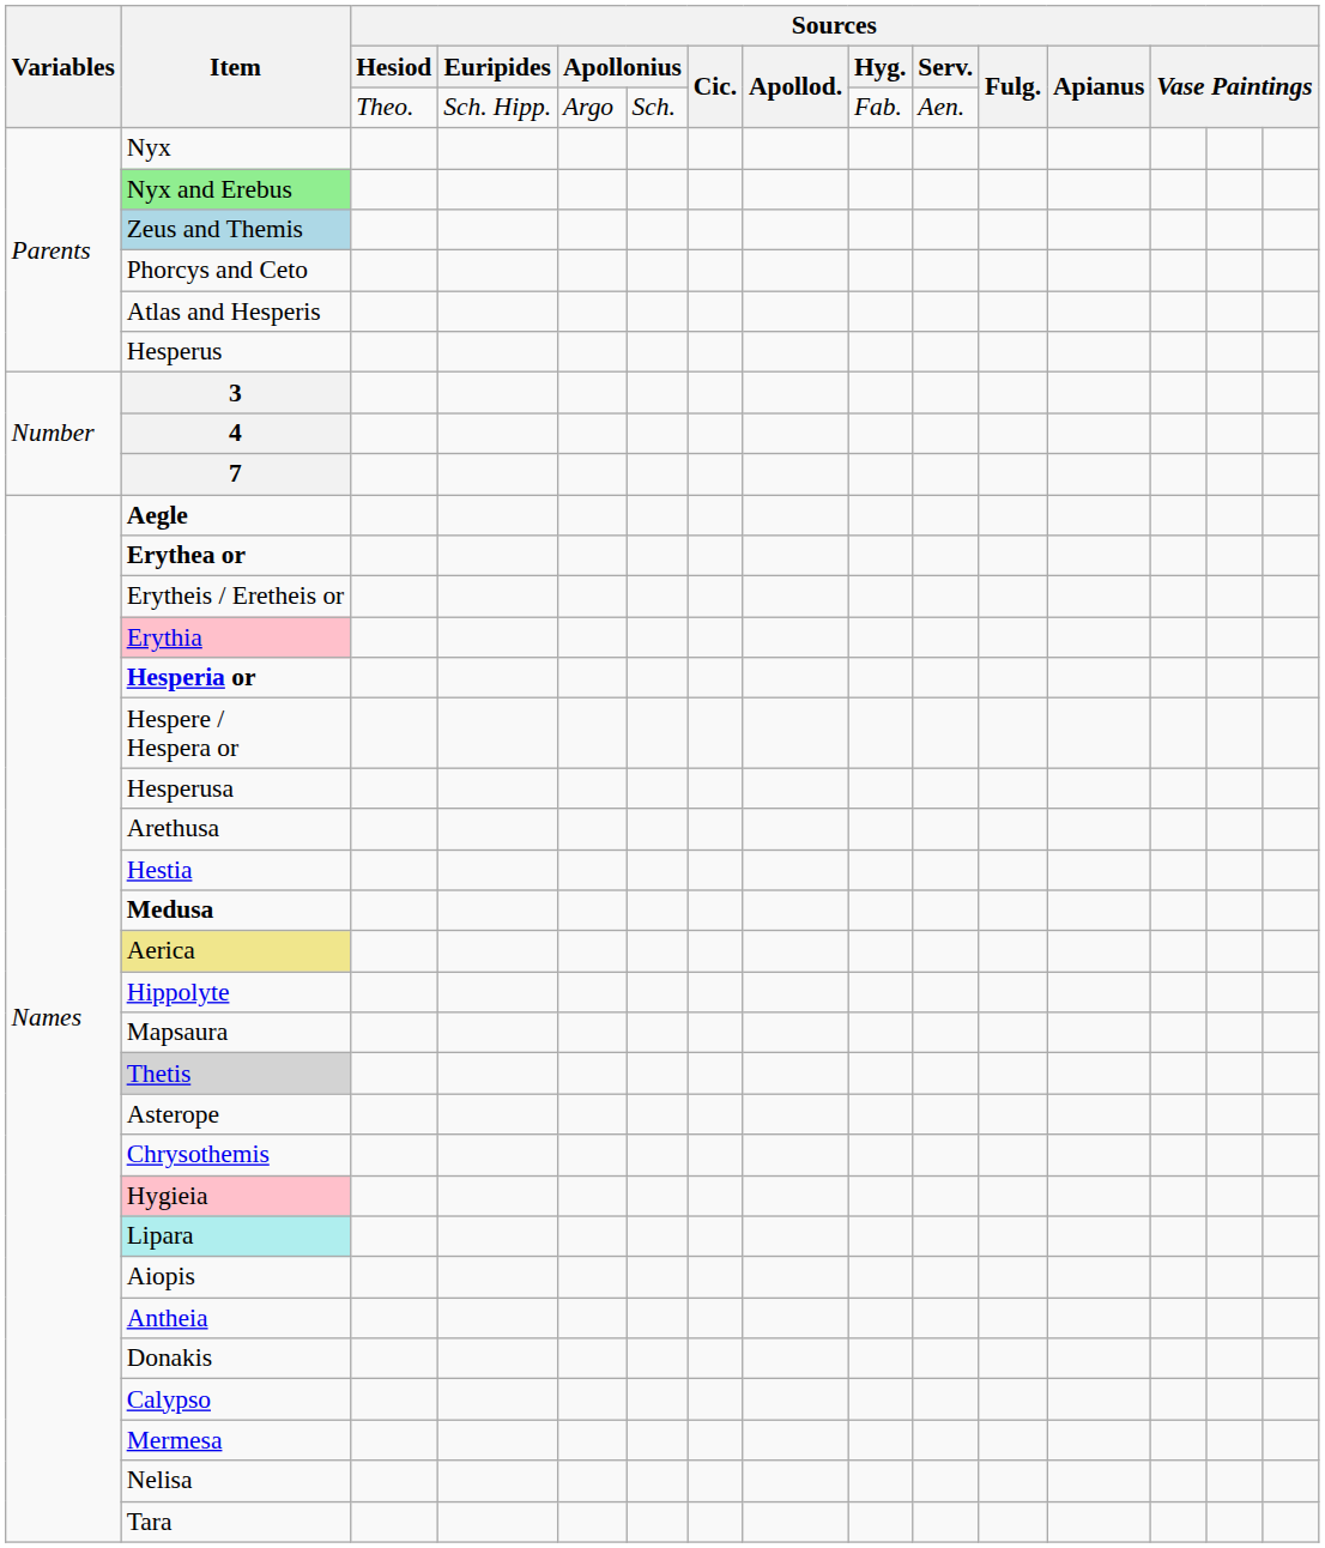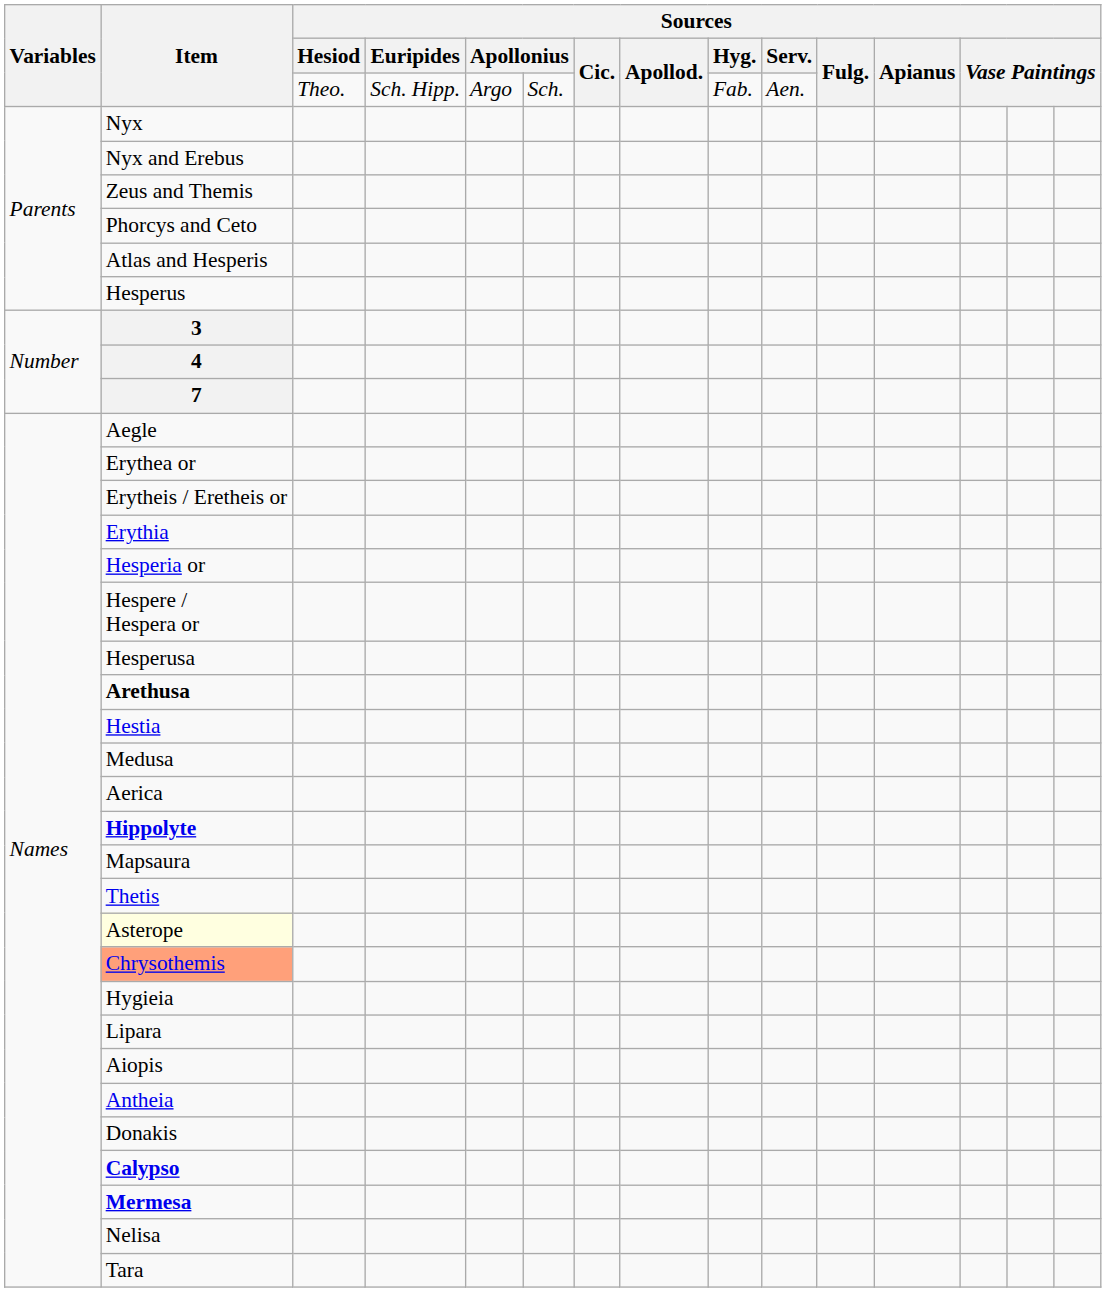 <table class="wikitable">
 <tr>
 <th rowspan="3">Variables</th>
 <th rowspan="3">Item</th>
 <th colspan="13">Sources</th>
 </tr>
 <tr>
 <th>Hesiod</th>
 <th>Euripides</th>
 <th colspan="2">Apollonius</th>
 <th rowspan="2">Cic.</th>
 <th rowspan="2">Apollod.</th>
 <th>Hyg.</th>
 <th>Serv.</th>
 <th rowspan="2">Fulg.</th>
 <th rowspan="2">Apianus</th>
 <th colspan="3" rowspan="2"><em>Vase Paintings</em></th>
 </tr>
 <tr>
 <td><em>Theo.</em></td>
 <td><em>Sch. Hipp.</em></td>
 <td><em>Argo</em></td>
 <td><em>Sch.</em></td>
 <td><em>Fab.</em></td>
 <td><em>Aen.</em></td>
 </tr>
 <tr>
 <td rowspan="6"><em>Parents</em></td>
 <td>Nyx</td>
 <td></td>
 <td></td>
 <td></td>
 <td></td>
 <td></td>
 <td></td>
 <td></td>
 <td></td>
 <td></td>
 <td></td>
 <td></td>
 <td></td>
 <td></td>
 </tr>
 <tr>
-<td style="background: lightgreen;">Nyx and Erebus</td>
+<td>Nyx and Erebus</td>
 <td></td>
 <td></td>
 <td></td>
 <td></td>
 <td></td>
 <td></td>
 <td></td>
 <td></td>
 <td></td>
 <td></td>
 <td></td>
 <td></td>
 <td></td>
 </tr>
 <tr>
-<td style="background: lightblue;">Zeus and Themis</td>
+<td>Zeus and Themis</td>
 <td></td>
 <td></td>
 <td></td>
 <td></td>
 <td></td>
 <td></td>
 <td></td>
 <td></td>
 <td></td>
 <td></td>
 <td></td>
 <td></td>
 <td></td>
 </tr>
 <tr>
 <td>Phorcys and Ceto</td>
 <td></td>
 <td></td>
 <td></td>
 <td></td>
 <td></td>
 <td></td>
 <td></td>
 <td></td>
 <td></td>
 <td></td>
 <td></td>
 <td></td>
 <td></td>
 </tr>
 <tr>
 <td>Atlas and Hesperis</td>
 <td></td>
 <td></td>
 <td></td>
 <td></td>
 <td></td>
 <td></td>
 <td></td>
 <td></td>
 <td></td>
 <td></td>
 <td></td>
 <td></td>
 <td></td>
 </tr>
 <tr>
 <td>Hesperus</td>
 <td></td>
 <td></td>
 <td></td>
 <td></td>
 <td></td>
 <td></td>
 <td></td>
 <td></td>
 <td></td>
 <td></td>
 <td></td>
 <td></td>
 <td></td>
 </tr>
 <tr>
 <td rowspan="3"><em>Number</em></td>
 <th>3</th>
 <td></td>
 <td></td>
 <td></td>
 <td></td>
 <td></td>
 <td></td>
 <td></td>
 <td></td>
 <td></td>
 <td></td>
 <td></td>
 <td></td>
 <td></td>
 </tr>
 <tr>
 <th>4</th>
 <td></td>
 <td></td>
 <td></td>
 <td></td>
 <td></td>
 <td></td>
 <td></td>
 <td></td>
 <td></td>
 <td></td>
 <td></td>
 <td></td>
 <td></td>
 </tr>
 <tr>
 <th>7</th>
 <td></td>
 <td></td>
 <td></td>
 <td></td>
 <td></td>
 <td></td>
 <td></td>
 <td></td>
 <td></td>
 <td></td>
 <td></td>
 <td></td>
 <td></td>
 </tr>
 <tr>
 <td rowspan="26"><em>Names</em></td>
-<td><strong>Aegle</strong></td>
+<td>Aegle</td>
 <td></td>
 <td></td>
 <td></td>
 <td></td>
 <td></td>
 <td></td>
 <td></td>
 <td></td>
 <td></td>
 <td></td>
 <td></td>
 <td></td>
 <td></td>
 </tr>
 <tr>
-<td><strong>Erythea or</strong></td>
+<td>Erythea or</td>
 <td></td>
 <td></td>
 <td></td>
 <td></td>
 <td></td>
 <td></td>
 <td></td>
 <td></td>
 <td></td>
 <td></td>
 <td></td>
 <td></td>
 <td></td>
 </tr>
 <tr>
 <td>Erytheis / Eretheis or</td>
 <td></td>
 <td></td>
 <td></td>
 <td></td>
 <td></td>
 <td></td>
 <td></td>
 <td></td>
 <td></td>
 <td></td>
 <td></td>
 <td></td>
 <td></td>
 </tr>
 <tr>
-<td style="background: pink;"><a href='#'>Erythia</a></td>
+<td><a href='#'>Erythia</a></td>
 <td></td>
 <td></td>
 <td></td>
 <td></td>
 <td></td>
 <td></td>
 <td></td>
 <td></td>
 <td></td>
 <td></td>
 <td></td>
 <td></td>
 <td></td>
 </tr>
 <tr>
-<td><strong><a href='#'>Hesperia</a> or</strong></td>
+<td><a href='#'>Hesperia</a> or</td>
 <td></td>
 <td></td>
 <td></td>
 <td></td>
 <td></td>
 <td></td>
 <td></td>
 <td></td>
 <td></td>
 <td></td>
 <td></td>
 <td></td>
 <td></td>
 </tr>
 <tr>
 <td>Hespere /<br>Hespera or</td>
 <td></td>
 <td></td>
 <td></td>
 <td></td>
 <td></td>
 <td></td>
 <td></td>
 <td></td>
 <td></td>
 <td></td>
 <td></td>
 <td></td>
 <td></td>
 </tr>
 <tr>
 <td>Hesperusa</td>
 <td></td>
 <td></td>
 <td></td>
 <td></td>
 <td></td>
 <td></td>
 <td></td>
 <td></td>
 <td></td>
 <td></td>
 <td></td>
 <td></td>
 <td></td>
 </tr>
 <tr>
-<td>Arethusa</td>
+<td><strong>Arethusa</strong></td>
 <td></td>
 <td></td>
 <td></td>
 <td></td>
 <td></td>
 <td></td>
 <td></td>
 <td></td>
 <td></td>
 <td></td>
 <td></td>
 <td></td>
 <td></td>
 </tr>
 <tr>
 <td><a href='#'>Hestia</a></td>
 <td></td>
 <td></td>
 <td></td>
 <td></td>
 <td></td>
 <td></td>
 <td></td>
 <td></td>
 <td></td>
 <td></td>
 <td></td>
 <td></td>
 <td></td>
 </tr>
 <tr>
-<td><strong>Medusa</strong></td>
+<td>Medusa</td>
 <td></td>
 <td></td>
 <td></td>
 <td></td>
 <td></td>
 <td></td>
 <td></td>
 <td></td>
 <td></td>
 <td></td>
 <td></td>
 <td></td>
 <td></td>
 </tr>
 <tr>
-<td style="background: khaki;">Aerica</td>
+<td>Aerica</td>
 <td></td>
 <td></td>
 <td></td>
 <td></td>
 <td></td>
 <td></td>
 <td></td>
 <td></td>
 <td></td>
 <td></td>
 <td></td>
 <td></td>
 <td></td>
 </tr>
 <tr>
-<td><a href='#'>Hippolyte</a></td>
+<td><strong><a href='#'>Hippolyte</a></strong></td>
 <td></td>
 <td></td>
 <td></td>
 <td></td>
 <td></td>
 <td></td>
 <td></td>
 <td></td>
 <td></td>
 <td></td>
 <td></td>
 <td></td>
 <td></td>
 </tr>
 <tr>
 <td>Mapsaura</td>
 <td></td>
 <td></td>
 <td></td>
 <td></td>
 <td></td>
 <td></td>
 <td></td>
 <td></td>
 <td></td>
 <td></td>
 <td></td>
 <td></td>
 <td></td>
 </tr>
 <tr>
-<td style="background: lightgrey;"><a href='#'>Thetis</a></td>
+<td><a href='#'>Thetis</a></td>
 <td></td>
 <td></td>
 <td></td>
 <td></td>
 <td></td>
 <td></td>
 <td></td>
 <td></td>
 <td></td>
 <td></td>
 <td></td>
 <td></td>
 <td></td>
 </tr>
 <tr>
-<td>Asterope</td>
+<td style="background: lightyellow;">Asterope</td>
 <td></td>
 <td></td>
 <td></td>
 <td></td>
 <td></td>
 <td></td>
 <td></td>
 <td></td>
 <td></td>
 <td></td>
 <td></td>
 <td></td>
 <td></td>
 </tr>
 <tr>
-<td><a href='#'>Chrysothemis</a></td>
+<td style="background: lightsalmon;"><a href='#'>Chrysothemis</a></td>
 <td></td>
 <td></td>
 <td></td>
 <td></td>
 <td></td>
 <td></td>
 <td></td>
 <td></td>
 <td></td>
 <td></td>
 <td></td>
 <td></td>
 <td></td>
 </tr>
 <tr>
-<td style="background: pink;">Hygieia</td>
+<td>Hygieia</td>
 <td></td>
 <td></td>
 <td></td>
 <td></td>
 <td></td>
 <td></td>
 <td></td>
 <td></td>
 <td></td>
 <td></td>
 <td></td>
 <td></td>
 <td></td>
 </tr>
 <tr>
-<td style="background: paleturquoise;">Lipara</td>
+<td>Lipara</td>
 <td></td>
 <td></td>
 <td></td>
 <td></td>
 <td></td>
 <td></td>
 <td></td>
 <td></td>
 <td></td>
 <td></td>
 <td></td>
 <td></td>
 <td></td>
 </tr>
 <tr>
 <td>Aiopis</td>
 <td></td>
 <td></td>
 <td></td>
 <td></td>
 <td></td>
 <td></td>
 <td></td>
 <td></td>
 <td></td>
 <td></td>
 <td></td>
 <td></td>
 <td></td>
 </tr>
 <tr>
 <td><a href='#'>Antheia</a></td>
 <td></td>
 <td></td>
 <td></td>
 <td></td>
 <td></td>
 <td></td>
 <td></td>
 <td></td>
 <td></td>
 <td></td>
 <td></td>
 <td></td>
 <td></td>
 </tr>
 <tr>
 <td>Donakis</td>
 <td></td>
 <td></td>
 <td></td>
 <td></td>
 <td></td>
 <td></td>
 <td></td>
 <td></td>
 <td></td>
 <td></td>
 <td></td>
 <td></td>
 <td></td>
 </tr>
 <tr>
-<td><a href='#'>Calypso</a></td>
+<td><strong><a href='#'>Calypso</a></strong></td>
 <td></td>
 <td></td>
 <td></td>
 <td></td>
 <td></td>
 <td></td>
 <td></td>
 <td></td>
 <td></td>
 <td></td>
 <td></td>
 <td></td>
 <td></td>
 </tr>
 <tr>
-<td><a href='#'>Mermesa</a></td>
+<td><strong><a href='#'>Mermesa</a></strong></td>
 <td></td>
 <td></td>
 <td></td>
 <td></td>
 <td></td>
 <td></td>
 <td></td>
 <td></td>
 <td></td>
 <td></td>
 <td></td>
 <td></td>
 <td></td>
 </tr>
 <tr>
 <td>Nelisa</td>
 <td></td>
 <td></td>
 <td></td>
 <td></td>
 <td></td>
 <td></td>
 <td></td>
 <td></td>
 <td></td>
 <td></td>
 <td></td>
 <td></td>
 <td></td>
 </tr>
 <tr>
 <td>Tara</td>
 <td></td>
 <td></td>
 <td></td>
 <td></td>
 <td></td>
 <td></td>
 <td></td>
 <td></td>
 <td></td>
 <td></td>
 <td></td>
 <td></td>
 <td></td>
 </tr>
 </table>
